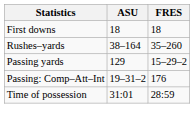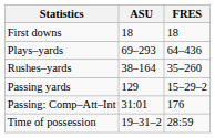 <table class="wikitable">
 <tr>
 <th>Statistics</th>
 <th>ASU</th>
 <th>FRES</th>
 </tr>
 <tr>
 <td>First downs</td>
 <td>18</td>
 <td>18</td>
+</tr>
+<tr>
+<td>Plays–yards</td>
+<td>69–293</td>
+<td>64–436</td>
 </tr>
 <tr>
 <td>Rushes–yards</td>
 <td>38–164</td>
 <td>35–260</td>
 </tr>
 <tr>
 <td>Passing yards</td>
 <td>129</td>
 <td>15–29–2</td>
 </tr>
 <tr>
 <td>Passing: Comp–Att–Int</td>
-<td>19–31–2</td>
+<td>31:01</td>
 <td>176</td>
 </tr>
 <tr>
 <td>Time of possession</td>
-<td>31:01</td>
+<td>19–31–2</td>
 <td>28:59</td>
 </tr>
 </table>
